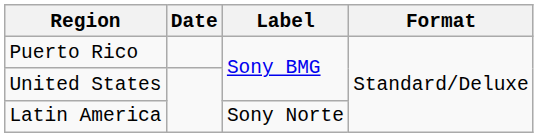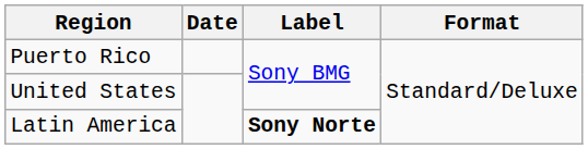 <table class="wikitable">
 <tr>
 <th>Region</th>
 <th>Date</th>
 <th>Label</th>
 <th>Format</th>
 </tr>
 <tr>
 <td>Puerto Rico</td>
 <td></td>
 <td rowspan="2"><a href='#'>Sony BMG</a></td>
 <td rowspan="3">Standard/Deluxe</td>
 </tr>
 <tr>
 <td>United States</td>
 <td rowspan="2"></td>
 </tr>
 <tr>
 <td>Latin America</td>
-<td>Sony Norte</td>
+<td><strong>Sony Norte</strong></td>
 </tr>
 </table>
